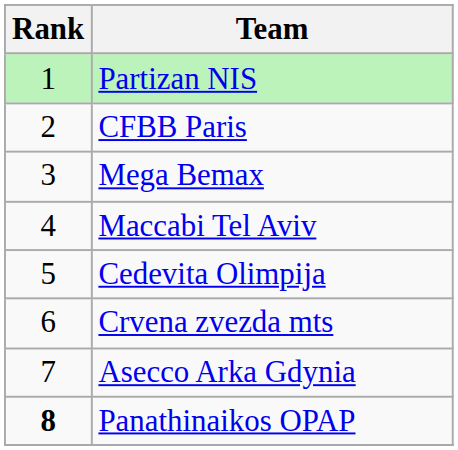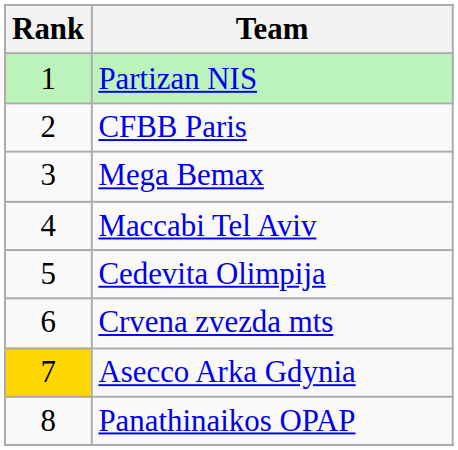 <table class="wikitable">
 <tr>
 <th>Rank</th>
 <th style="width:180px;">Team</th>
 </tr>
 <tr style="background:#bbf3bb;">
 <td align=center>1</td>
 <td> <a href='#'>Partizan NIS</a></td>
 </tr>
 <tr>
 <td align=center>2</td>
 <td> <a href='#'>CFBB Paris</a></td>
 </tr>
 <tr>
 <td align=center>3</td>
 <td> <a href='#'>Mega Bemax</a></td>
 </tr>
 <tr>
 <td align=center>4</td>
 <td> <a href='#'>Maccabi Tel Aviv</a></td>
 </tr>
 <tr>
 <td align=center>5</td>
 <td> <a href='#'>Cedevita Olimpija</a></td>
 </tr>
 <tr>
 <td align=center>6</td>
 <td>  <a href='#'>Crvena zvezda mts</a></td>
 </tr>
 <tr>
-<td align=center>7</td>
+<td align=center style="background: gold;">7</td>
 <td> <a href='#'>Asecco Arka Gdynia</a></td>
 </tr>
 <tr>
-<td align=center><strong>8</strong></td>
+<td align=center>8</td>
 <td> <a href='#'>Panathinaikos OPAP</a></td>
 </tr>
 <tr>
 </tr>
 </table>
